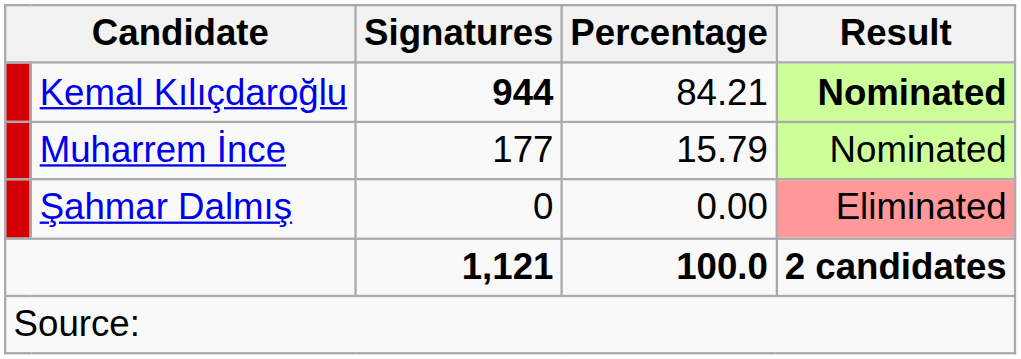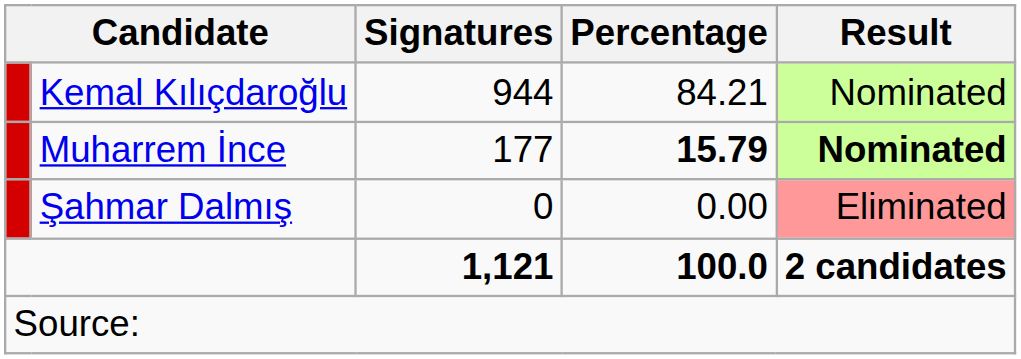 <table class=wikitable style=text-align:right>
 <tr>
 <th scope="col", colspan="2">Candidate</th>
 <th>Signatures</th>
 <th>Percentage</th>
 <th>Result</th>
 </tr>
 <tr>
 <td style="background:#d40000; width:4px; text-align:center;"></td>
 <td align=left><a href='#'>Kemal Kılıçdaroğlu</a></td>
-<td><strong>944</strong></td>
+<td>944</td>
 <td>84.21</td>
-<td style="background: #ccff99"><strong> Nominated</strong></td>
+<td style="background: #ccff99"> Nominated</td>
 </tr>
 <tr>
 <td style="background:#d40000; width:4px; text-align:center;"></td>
 <td align=left><a href='#'>Muharrem İnce</a></td>
 <td>177</td>
-<td>15.79</td>
-<td style="background: #ccff99"> Nominated</td>
+<td><strong>15.79</strong></td>
+<td style="background: #ccff99"><strong> Nominated</strong></td>
 </tr>
 <tr>
 <td style="background:#d40000; width:4px; text-align:center;"></td>
 <td align=left><a href='#'>Şahmar Dalmış</a></td>
 <td>0</td>
 <td>0.00</td>
 <td style="background: #ff9999"> Eliminated</td>
 </tr>
 <tr>
 <td scope="col", colspan="2"></td>
 <td><strong>1,121</strong></td>
 <td><strong>100.0</strong></td>
 <td><strong>2 candidates</strong></td>
 </tr>
 <tr>
 <td align=left colspan=5>Source:  </td>
 </tr>
 </table>
